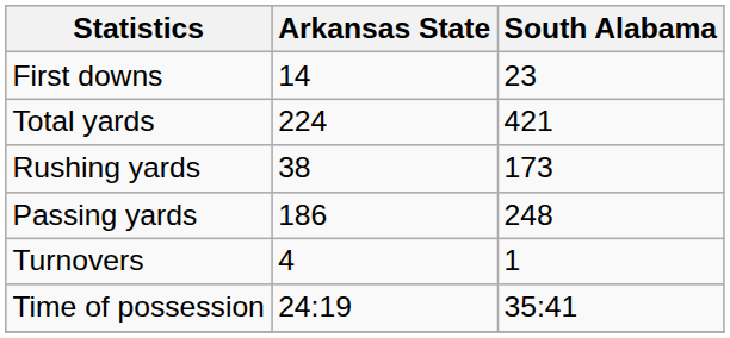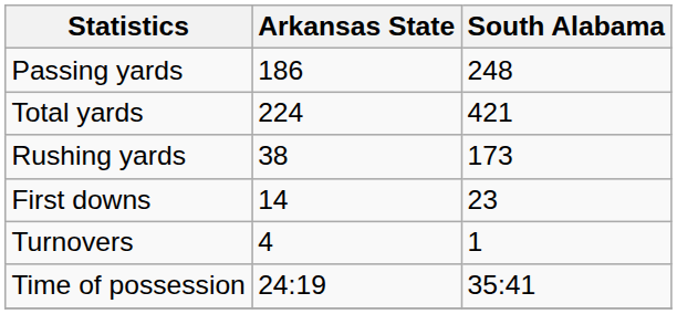 <table class="wikitable">
 <tr>
 <th>Statistics</th>
 <th>Arkansas State</th>
 <th>South Alabama</th>
 </tr>
 <tr>
-<td>First downs</td>
-<td>14</td>
-<td>23</td>
+<td>Passing yards</td>
+<td>186</td>
+<td>248</td>
 </tr>
 <tr>
 <td>Total yards</td>
 <td>224</td>
 <td>421</td>
 </tr>
 <tr>
 <td>Rushing yards</td>
 <td>38</td>
 <td>173</td>
 </tr>
 <tr>
-<td>Passing yards</td>
-<td>186</td>
-<td>248</td>
+<td>First downs</td>
+<td>14</td>
+<td>23</td>
 </tr>
 <tr>
 <td>Turnovers</td>
 <td>4</td>
 <td>1</td>
 </tr>
 <tr>
 <td>Time of possession</td>
 <td>24:19</td>
 <td>35:41</td>
 </tr>
 <tr>
 </tr>
 </table>
